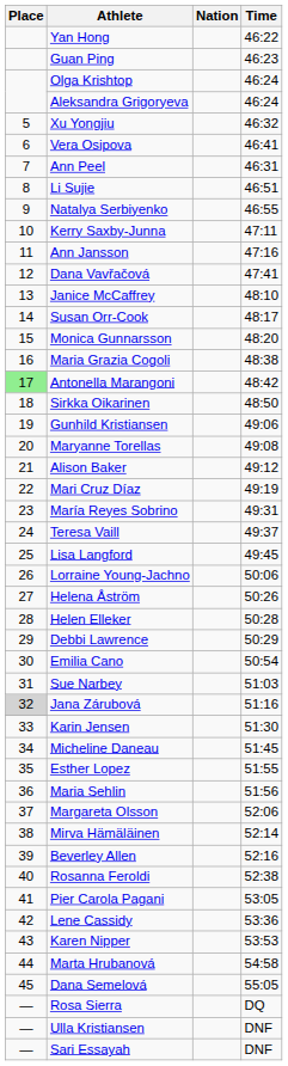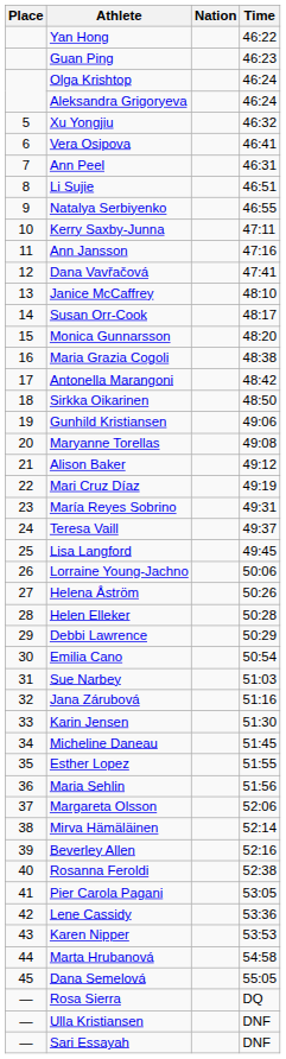 <table class=wikitable>
 <tr>
 <th>Place</th>
 <th>Athlete</th>
 <th>Nation</th>
 <th>Time</th>
 </tr>
 <tr>
 <td align=center></td>
 <td><a href='#'>Yan Hong</a></td>
 <td></td>
 <td>46:22</td>
 </tr>
 <tr>
 <td align=center></td>
 <td><a href='#'>Guan Ping</a></td>
 <td></td>
 <td>46:23</td>
 </tr>
 <tr>
 <td rowspan=2 align=center></td>
 <td><a href='#'>Olga Krishtop</a></td>
 <td></td>
 <td>46:24</td>
 </tr>
 <tr>
 <td><a href='#'>Aleksandra Grigoryeva</a></td>
 <td></td>
 <td>46:24</td>
 </tr>
 <tr>
 <td align=center>5</td>
 <td><a href='#'>Xu Yongjiu</a></td>
 <td></td>
 <td>46:32</td>
 </tr>
 <tr>
 <td align=center>6</td>
 <td><a href='#'>Vera Osipova</a></td>
 <td></td>
 <td>46:41</td>
 </tr>
 <tr>
 <td align=center>7</td>
 <td><a href='#'>Ann Peel</a></td>
 <td></td>
 <td>46:31</td>
 </tr>
 <tr>
 <td align=center>8</td>
 <td><a href='#'>Li Sujie</a></td>
 <td></td>
 <td>46:51</td>
 </tr>
 <tr>
 <td align=center>9</td>
 <td><a href='#'>Natalya Serbiyenko</a></td>
 <td></td>
 <td>46:55</td>
 </tr>
 <tr>
 <td align=center>10</td>
 <td><a href='#'>Kerry Saxby-Junna</a></td>
 <td></td>
 <td>47:11</td>
 </tr>
 <tr>
 <td align=center>11</td>
 <td><a href='#'>Ann Jansson</a></td>
 <td></td>
 <td>47:16</td>
 </tr>
 <tr>
 <td align=center>12</td>
 <td><a href='#'>Dana Vavřačová</a></td>
 <td></td>
 <td>47:41</td>
 </tr>
 <tr>
 <td align=center>13</td>
 <td><a href='#'>Janice McCaffrey</a></td>
 <td></td>
 <td>48:10</td>
 </tr>
 <tr>
 <td align=center>14</td>
 <td><a href='#'>Susan Orr-Cook</a></td>
 <td></td>
 <td>48:17</td>
 </tr>
 <tr>
 <td align=center>15</td>
 <td><a href='#'>Monica Gunnarsson</a></td>
 <td></td>
 <td>48:20</td>
 </tr>
 <tr>
 <td align=center>16</td>
 <td><a href='#'>Maria Grazia Cogoli</a></td>
 <td></td>
 <td>48:38</td>
 </tr>
 <tr>
-<td align=center style="background: lightgreen;">17</td>
+<td align=center>17</td>
 <td><a href='#'>Antonella Marangoni</a></td>
 <td></td>
 <td>48:42</td>
 </tr>
 <tr>
 <td align=center>18</td>
 <td><a href='#'>Sirkka Oikarinen</a></td>
 <td></td>
 <td>48:50</td>
 </tr>
 <tr>
 <td align=center>19</td>
 <td><a href='#'>Gunhild Kristiansen</a></td>
 <td></td>
 <td>49:06</td>
 </tr>
 <tr>
 <td align=center>20</td>
 <td><a href='#'>Maryanne Torellas</a></td>
 <td></td>
 <td>49:08</td>
 </tr>
 <tr>
 <td align=center>21</td>
 <td><a href='#'>Alison Baker</a></td>
 <td></td>
 <td>49:12</td>
 </tr>
 <tr>
 <td align=center>22</td>
 <td><a href='#'>Mari Cruz Díaz</a></td>
 <td></td>
 <td>49:19</td>
 </tr>
 <tr>
 <td align=center>23</td>
 <td><a href='#'>María Reyes Sobrino</a></td>
 <td></td>
 <td>49:31</td>
 </tr>
 <tr>
 <td align=center>24</td>
 <td><a href='#'>Teresa Vaill</a></td>
 <td></td>
 <td>49:37</td>
 </tr>
 <tr>
 <td align=center>25</td>
 <td><a href='#'>Lisa Langford</a></td>
 <td></td>
 <td>49:45</td>
 </tr>
 <tr>
 <td align=center>26</td>
 <td><a href='#'>Lorraine Young-Jachno</a></td>
 <td></td>
 <td>50:06</td>
 </tr>
 <tr>
 <td align=center>27</td>
 <td><a href='#'>Helena Åström</a></td>
 <td></td>
 <td>50:26</td>
 </tr>
 <tr>
 <td align=center>28</td>
 <td><a href='#'>Helen Elleker</a></td>
 <td></td>
 <td>50:28</td>
 </tr>
 <tr>
 <td align=center>29</td>
 <td><a href='#'>Debbi Lawrence</a></td>
 <td></td>
 <td>50:29</td>
 </tr>
 <tr>
 <td align=center>30</td>
 <td><a href='#'>Emilia Cano</a></td>
 <td></td>
 <td>50:54</td>
 </tr>
 <tr>
 <td align=center>31</td>
 <td><a href='#'>Sue Narbey</a></td>
 <td></td>
 <td>51:03</td>
 </tr>
 <tr>
-<td align=center style="background: lightgrey;">32</td>
+<td align=center>32</td>
 <td><a href='#'>Jana Zárubová</a></td>
 <td></td>
 <td>51:16</td>
 </tr>
 <tr>
 <td align=center>33</td>
 <td><a href='#'>Karin Jensen</a></td>
 <td></td>
 <td>51:30</td>
 </tr>
 <tr>
 <td align=center>34</td>
 <td><a href='#'>Micheline Daneau</a></td>
 <td></td>
 <td>51:45</td>
 </tr>
 <tr>
 <td align=center>35</td>
 <td><a href='#'>Esther Lopez</a></td>
 <td></td>
 <td>51:55</td>
 </tr>
 <tr>
 <td align=center>36</td>
 <td><a href='#'>Maria Sehlin</a></td>
 <td></td>
 <td>51:56</td>
 </tr>
 <tr>
 <td align=center>37</td>
 <td><a href='#'>Margareta Olsson</a></td>
 <td></td>
 <td>52:06</td>
 </tr>
 <tr>
 <td align=center>38</td>
 <td><a href='#'>Mirva Hämäläinen</a></td>
 <td></td>
 <td>52:14</td>
 </tr>
 <tr>
 <td align=center>39</td>
 <td><a href='#'>Beverley Allen</a></td>
 <td></td>
 <td>52:16</td>
 </tr>
 <tr>
 <td align=center>40</td>
 <td><a href='#'>Rosanna Feroldi</a></td>
 <td></td>
 <td>52:38</td>
 </tr>
 <tr>
 <td align=center>41</td>
 <td><a href='#'>Pier Carola Pagani</a></td>
 <td></td>
 <td>53:05</td>
 </tr>
 <tr>
 <td align=center>42</td>
 <td><a href='#'>Lene Cassidy</a></td>
 <td></td>
 <td>53:36</td>
 </tr>
 <tr>
 <td align=center>43</td>
 <td><a href='#'>Karen Nipper</a></td>
 <td></td>
 <td>53:53</td>
 </tr>
 <tr>
 <td align=center>44</td>
 <td><a href='#'>Marta Hrubanová</a></td>
 <td></td>
 <td>54:58</td>
 </tr>
 <tr>
 <td align=center>45</td>
 <td><a href='#'>Dana Semelová</a></td>
 <td></td>
 <td>55:05</td>
 </tr>
 <tr>
 <td align=center>—</td>
 <td><a href='#'>Rosa Sierra</a></td>
 <td></td>
 <td>DQ</td>
 </tr>
 <tr>
 <td align=center>—</td>
 <td><a href='#'>Ulla Kristiansen</a></td>
 <td></td>
 <td>DNF</td>
 </tr>
 <tr>
 <td align=center>—</td>
 <td><a href='#'>Sari Essayah</a></td>
 <td></td>
 <td>DNF</td>
 </tr>
 </table>
